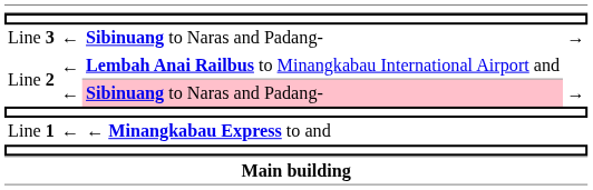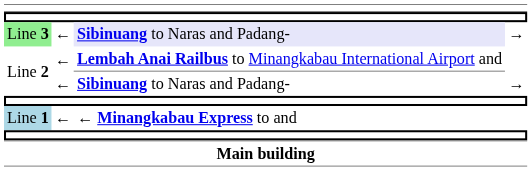 <table cellpadding="3" cellspacing="0">
 <tr>
 <td colspan="4" style="border-top:solid 1px gray;border-bottom:solid 1px gray;text-align:center"> </td>
 </tr>
 <tr>
 <td colspan="4" style="text-align:center; border-top:solid 2px black;border-left:solid 2px black;border-right:solid 2px black;border-bottom:solid 2px black;"></td>
 </tr>
 <tr>
-<td>Line <strong>3</strong></td>
+<td style="background: lightgreen;">Line <strong>3</strong></td>
 <td>← </td>
-<td> <strong><a href='#'>Sibinuang</a></strong> to Naras and Padang-</td>
+<td style="background: lavender;"> <strong><a href='#'>Sibinuang</a></strong> to Naras and Padang-</td>
 <td> →</td>
 </tr>
 <tr>
 <td rowspan="2">Line <strong>2</strong></td>
 <td>← </td>
 <td style="border-bottom:solid 1px gray;"> <strong><a href='#'>Lembah Anai Railbus</a></strong> to <a href='#'>Minangkabau International Airport</a> and </td>
 <td></td>
 </tr>
 <tr>
 <td>← </td>
-<td style="background: pink;"> <strong><a href='#'>Sibinuang</a></strong> to Naras and Padang-</td>
+<td> <strong><a href='#'>Sibinuang</a></strong> to Naras and Padang-</td>
 <td> →</td>
 </tr>
 <tr>
 <td colspan="4" style="text-align:center; border-top:solid 2px black;border-left:solid 2px black;border-right:solid 2px black;border-bottom:solid 2px black;"></td>
 </tr>
 <tr>
-<td>Line <strong>1</strong></td>
+<td style="background: lightblue;">Line <strong>1</strong></td>
 <td>← </td>
 <td>←  <strong><a href='#'>Minangkabau Express</a></strong> to  and </td>
 <td></td>
 </tr>
 <tr>
 <td colspan="4" style="text-align:center; border-top:solid 2px black;border-left:solid 2px black;border-right:solid 2px black;border-bottom:solid 2px black;"></td>
 </tr>
 <tr>
 <td colspan="4" style="border-top:solid 1px gray;border-bottom:solid 1px gray;text-align:center"><strong>Main building</strong></td>
 </tr>
 </table>
